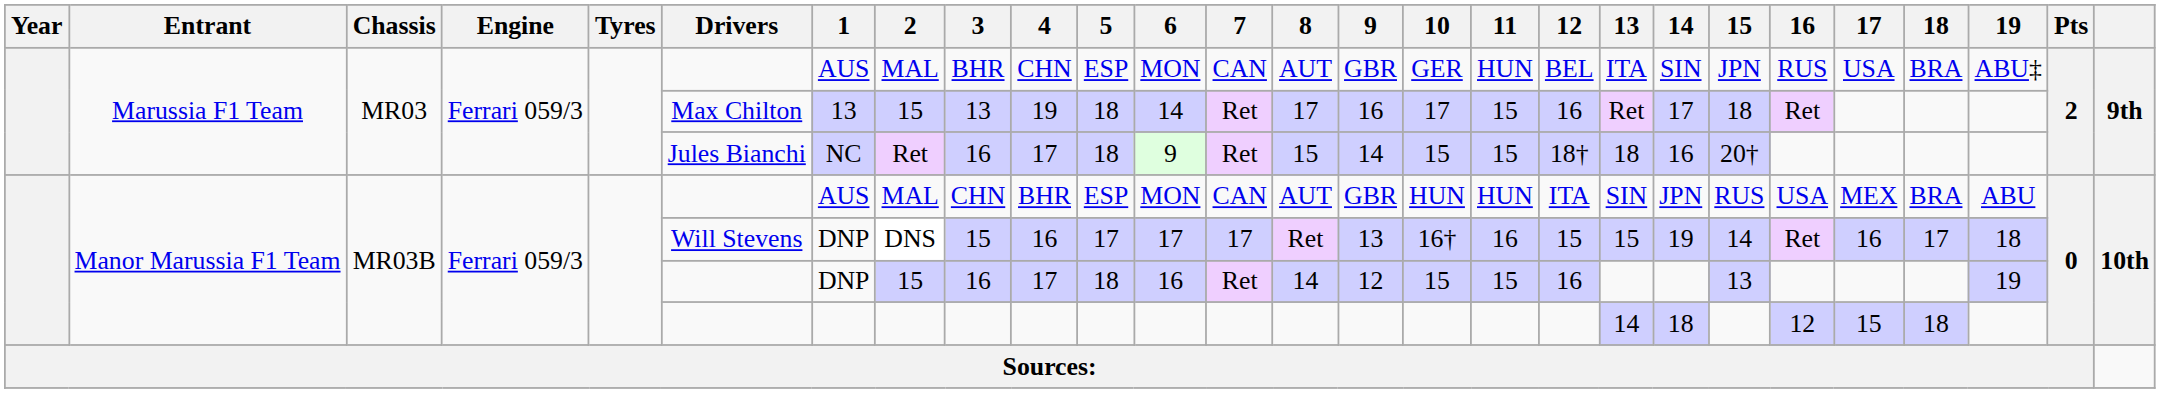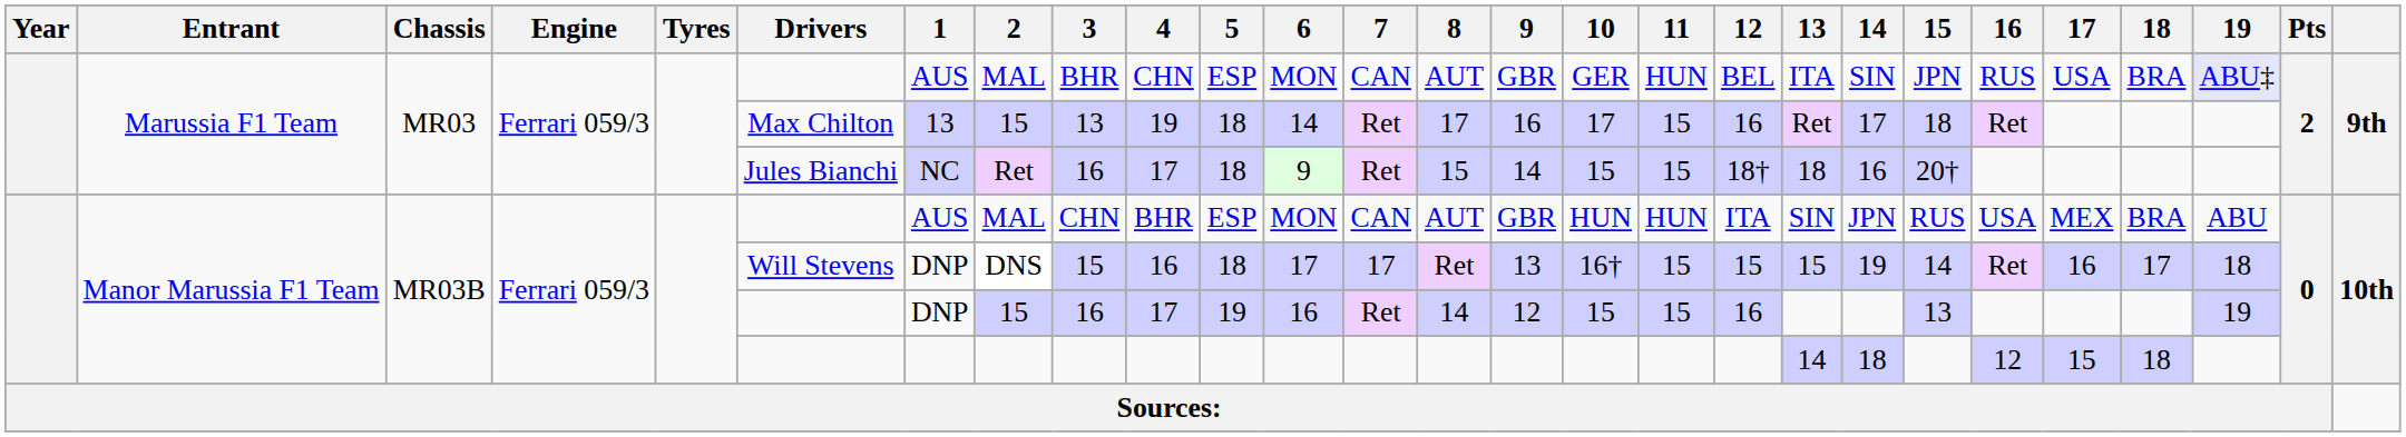 <table class="wikitable" style="text-align:center; font-size:90%">
 <tr>
 <th>Year</th>
 <th>Entrant</th>
 <th>Chassis</th>
 <th>Engine</th>
 <th>Tyres</th>
 <th>Drivers</th>
 <th>1</th>
 <th>2</th>
 <th>3</th>
 <th>4</th>
 <th>5</th>
 <th>6</th>
 <th>7</th>
 <th>8</th>
 <th>9</th>
 <th>10</th>
 <th>11</th>
 <th>12</th>
 <th>13</th>
 <th>14</th>
 <th>15</th>
 <th>16</th>
 <th>17</th>
 <th>18</th>
 <th>19</th>
 <th>Pts</th>
 <th></th>
 </tr>
 <tr>
 <th rowspan=3></th>
 <td rowspan=3><a href='#'>Marussia F1 Team</a></td>
 <td rowspan=3>MR03</td>
 <td rowspan=3><a href='#'>Ferrari</a> 059/3</td>
 <td rowspan=3></td>
 <td></td>
 <td><a href='#'>AUS</a></td>
 <td><a href='#'>MAL</a></td>
 <td><a href='#'>BHR</a></td>
 <td><a href='#'>CHN</a></td>
 <td><a href='#'>ESP</a></td>
 <td><a href='#'>MON</a></td>
 <td><a href='#'>CAN</a></td>
 <td><a href='#'>AUT</a></td>
 <td><a href='#'>GBR</a></td>
 <td><a href='#'>GER</a></td>
 <td><a href='#'>HUN</a></td>
 <td><a href='#'>BEL</a></td>
 <td><a href='#'>ITA</a></td>
 <td><a href='#'>SIN</a></td>
 <td><a href='#'>JPN</a></td>
 <td><a href='#'>RUS</a></td>
 <td><a href='#'>USA</a></td>
 <td><a href='#'>BRA</a></td>
-<td><a href='#'>ABU</a>‡</td>
+<td style="background: lavender;"><a href='#'>ABU</a>‡</td>
 <th rowspan="3">2</th>
 <th rowspan="3">9th</th>
 </tr>
 <tr>
 <td><a href='#'>Max Chilton</a></td>
 <td style="background:#cfcfff;">13</td>
 <td style="background:#cfcfff;">15</td>
 <td style="background:#cfcfff;">13</td>
 <td style="background:#cfcfff;">19</td>
 <td style="background:#cfcfff;">18</td>
 <td style="background:#cfcfff;">14</td>
 <td style="background:#efcfff;">Ret</td>
 <td style="background:#cfcfff;">17</td>
 <td style="background:#cfcfff;">16</td>
 <td style="background:#cfcfff;">17</td>
 <td style="background:#cfcfff;">15</td>
 <td style="background:#cfcfff;">16</td>
 <td style="background:#efcfff;">Ret</td>
 <td style="background:#cfcfff;">17</td>
 <td style="background:#cfcfff;">18</td>
 <td style="background:#efcfff;">Ret</td>
 <td></td>
 <td></td>
 <td></td>
 </tr>
 <tr>
 <td><a href='#'>Jules Bianchi</a></td>
 <td style="background:#cfcfff;">NC</td>
 <td style="background:#efcfff;">Ret</td>
 <td style="background:#cfcfff;">16</td>
 <td style="background:#cfcfff;">17</td>
 <td style="background:#cfcfff;">18</td>
 <td style="background:#dfffdf;">9</td>
 <td style="background:#efcfff;">Ret</td>
 <td style="background:#cfcfff;">15</td>
 <td style="background:#cfcfff;">14</td>
 <td style="background:#cfcfff;">15</td>
 <td style="background:#cfcfff;">15</td>
 <td style="background:#cfcfff;">18†</td>
 <td style="background:#cfcfff;">18</td>
 <td style="background:#cfcfff;">16</td>
 <td style="background:#cfcfff;">20†</td>
 <td></td>
 <td></td>
 <td></td>
 <td></td>
 </tr>
 <tr>
 <th rowspan=4></th>
 <td rowspan=4><a href='#'>Manor Marussia F1 Team</a></td>
 <td rowspan=4>MR03B</td>
 <td rowspan=4><a href='#'>Ferrari</a> 059/3</td>
 <td rowspan=4></td>
 <td></td>
 <td><a href='#'>AUS</a></td>
 <td><a href='#'>MAL</a></td>
 <td><a href='#'>CHN</a></td>
 <td><a href='#'>BHR</a></td>
 <td><a href='#'>ESP</a></td>
 <td><a href='#'>MON</a></td>
 <td><a href='#'>CAN</a></td>
 <td><a href='#'>AUT</a></td>
 <td><a href='#'>GBR</a></td>
 <td><a href='#'>HUN</a></td>
 <td><a href='#'>HUN</a></td>
 <td><a href='#'>ITA</a></td>
 <td><a href='#'>SIN</a></td>
 <td><a href='#'>JPN</a></td>
 <td><a href='#'>RUS</a></td>
 <td><a href='#'>USA</a></td>
 <td><a href='#'>MEX</a></td>
 <td><a href='#'>BRA</a></td>
 <td><a href='#'>ABU</a></td>
 <th rowspan="4">0</th>
 <th rowspan="4">10th</th>
 </tr>
 <tr>
 <td><a href='#'>Will Stevens</a></td>
 <td>DNP</td>
 <td style="background:#ffffff;">DNS</td>
 <td style="background:#cfcfff;">15</td>
 <td style="background:#cfcfff;">16</td>
-<td style="background:#cfcfff;">17</td>
+<td style="background:#cfcfff;">18</td>
 <td style="background:#cfcfff;">17</td>
 <td style="background:#cfcfff;">17</td>
 <td style="background:#efcfff;">Ret</td>
 <td style="background:#cfcfff;">13</td>
 <td style="background:#cfcfff;">16†</td>
-<td style="background:#cfcfff;">16</td>
+<td style="background:#cfcfff;">15</td>
 <td style="background:#cfcfff;">15</td>
 <td style="background:#cfcfff;">15</td>
 <td style="background:#cfcfff;">19</td>
 <td style="background:#cfcfff;">14</td>
 <td style="background:#efcfff;">Ret</td>
 <td style="background:#cfcfff;">16</td>
 <td style="background:#cfcfff;">17</td>
 <td style="background:#cfcfff;">18</td>
 </tr>
 <tr>
 <td></td>
 <td>DNP</td>
 <td style="background:#cfcfff;">15</td>
 <td style="background:#cfcfff;">16</td>
 <td style="background:#cfcfff;">17</td>
-<td style="background:#cfcfff;">18</td>
+<td style="background:#cfcfff;">19</td>
 <td style="background:#cfcfff;">16</td>
 <td style="background:#efcfff;">Ret</td>
 <td style="background:#cfcfff;">14</td>
 <td style="background:#cfcfff;">12</td>
 <td style="background:#cfcfff;">15</td>
 <td style="background:#cfcfff;">15</td>
 <td style="background:#cfcfff;">16</td>
 <td></td>
 <td></td>
 <td style="background:#cfcfff;">13</td>
 <td></td>
 <td></td>
 <td></td>
 <td style="background:#cfcfff;">19</td>
 </tr>
 <tr>
 <td></td>
 <td></td>
 <td></td>
 <td></td>
 <td></td>
 <td></td>
 <td></td>
 <td></td>
 <td></td>
 <td></td>
 <td></td>
 <td></td>
 <td></td>
 <td style="background:#cfcfff;">14</td>
 <td style="background:#cfcfff;">18</td>
 <td></td>
 <td style="background:#cfcfff;">12</td>
 <td style="background:#cfcfff;">15</td>
 <td style="background:#cfcfff;">18</td>
 <td></td>
 </tr>
 <tr>
 <th colspan="26">Sources:</th>
 </tr>
 </table>
